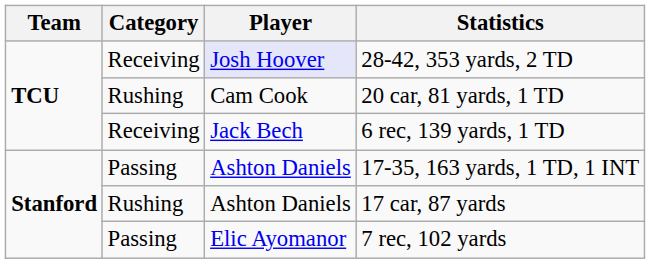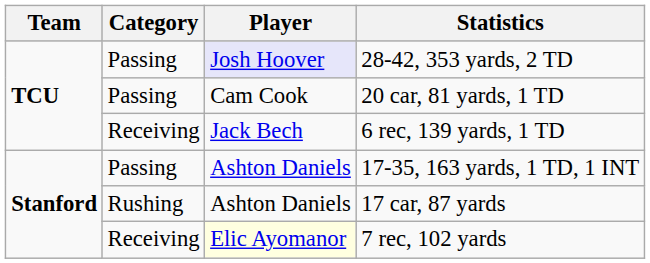 <table class="wikitable" style="float: right;">
 <tr>
 <th>Team</th>
 <th>Category</th>
 <th>Player</th>
 <th>Statistics</th>
 </tr>
 <tr>
 <td rowspan=3><strong>TCU</strong></td>
-<td>Receiving</td>
+<td>Passing</td>
 <td style="background: lavender;"><a href='#'>Josh Hoover</a></td>
 <td>28-42, 353 yards, 2 TD</td>
 </tr>
 <tr>
-<td>Rushing</td>
+<td>Passing</td>
 <td>Cam Cook</td>
 <td>20 car, 81 yards, 1 TD</td>
 </tr>
 <tr>
 <td>Receiving</td>
 <td><a href='#'>Jack Bech</a></td>
 <td>6 rec, 139 yards, 1 TD</td>
 </tr>
 <tr>
 <td rowspan=3><strong>Stanford</strong></td>
 <td>Passing</td>
 <td><a href='#'>Ashton Daniels</a></td>
 <td>17-35, 163 yards, 1 TD, 1 INT</td>
 </tr>
 <tr>
 <td>Rushing</td>
 <td>Ashton Daniels</td>
 <td>17 car, 87 yards</td>
 </tr>
 <tr>
-<td>Passing</td>
-<td><a href='#'>Elic Ayomanor</a></td>
+<td>Receiving</td>
+<td style="background: lightyellow;"><a href='#'>Elic Ayomanor</a></td>
 <td>7 rec, 102 yards</td>
 </tr>
 </table>
